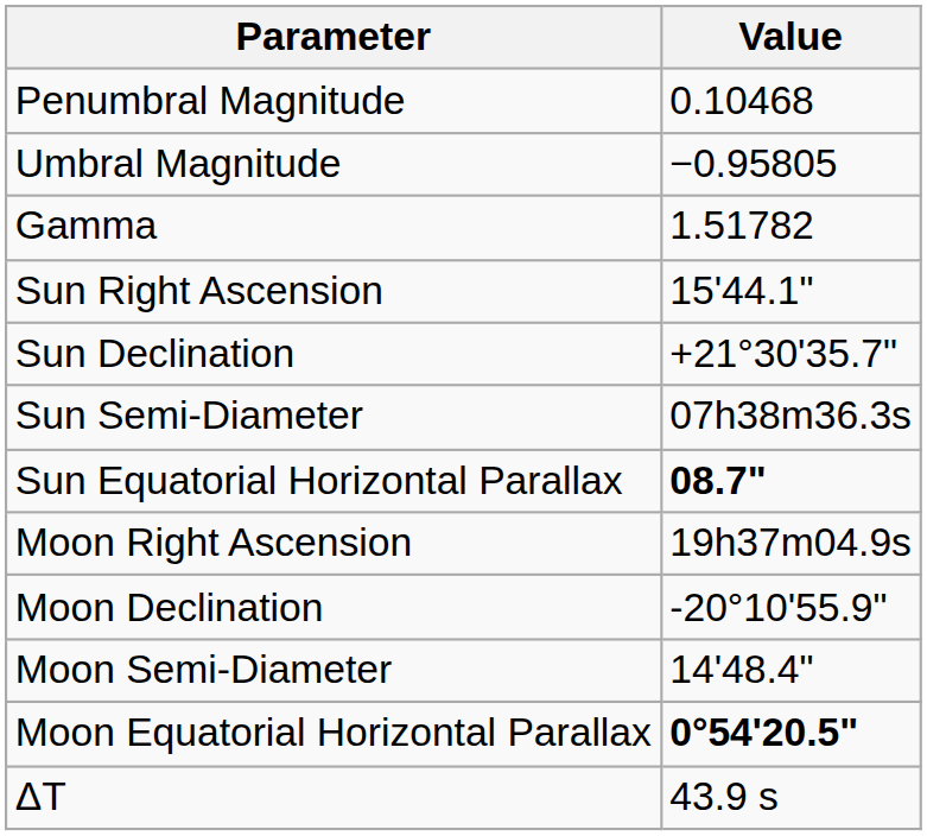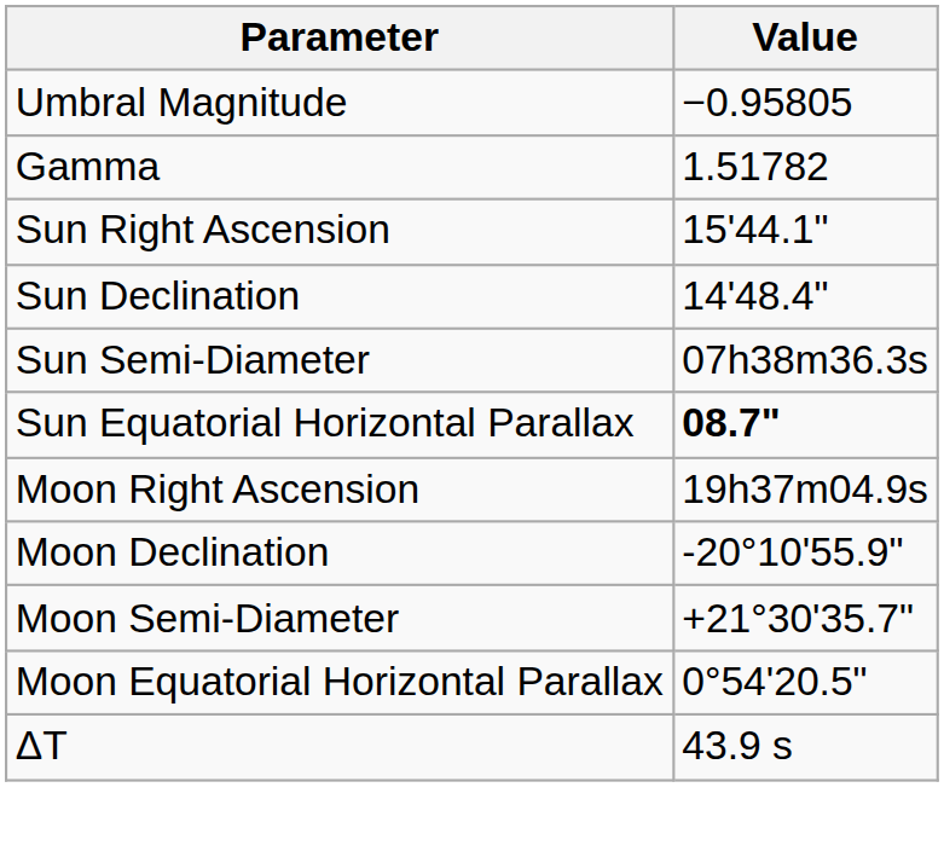 <table class="wikitable">
 <tr>
 <th>Parameter</th>
 <th>Value</th>
-</tr>
-<tr>
-<td>Penumbral Magnitude</td>
-<td>0.10468</td>
 </tr>
 <tr>
 <td>Umbral Magnitude</td>
 <td>−0.95805</td>
 </tr>
 <tr>
 <td>Gamma</td>
 <td>1.51782</td>
 </tr>
 <tr>
 <td>Sun Right Ascension</td>
 <td>15'44.1"</td>
 </tr>
 <tr>
 <td>Sun Declination</td>
-<td>+21°30'35.7"</td>
+<td>14'48.4"</td>
 </tr>
 <tr>
 <td>Sun Semi-Diameter</td>
 <td>07h38m36.3s</td>
 </tr>
 <tr>
 <td>Sun Equatorial Horizontal Parallax</td>
 <td><strong>08.7"</strong></td>
 </tr>
 <tr>
 <td>Moon Right Ascension</td>
 <td>19h37m04.9s</td>
 </tr>
 <tr>
 <td>Moon Declination</td>
 <td>-20°10'55.9"</td>
 </tr>
 <tr>
 <td>Moon Semi-Diameter</td>
-<td>14'48.4"</td>
+<td>+21°30'35.7"</td>
 </tr>
 <tr>
 <td>Moon Equatorial Horizontal Parallax</td>
-<td><strong>0°54'20.5"</strong></td>
+<td>0°54'20.5"</td>
 </tr>
 <tr>
 <td>ΔT</td>
 <td>43.9 s</td>
 </tr>
 </table>
